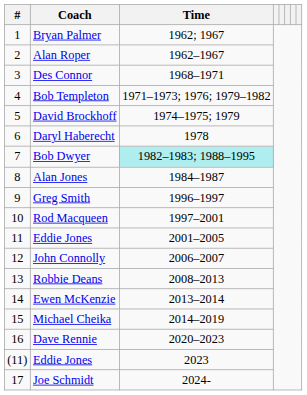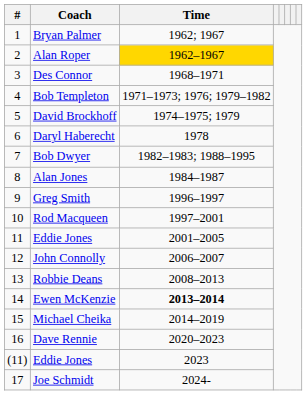 <table class="wikitable sortable" style="font-size:95%;">
 <tr>
 <th>#</th>
 <th>Coach</th>
 <th>Time</th>
 <th></th>
 <th></th>
 <th></th>
 <th></th>
 <th></th>
 </tr>
 <tr>
 <td align=center>1</td>
 <td> <a href='#'>Bryan Palmer</a></td>
 <td align=center>1962; 1967<br></td>
 </tr>
 <tr>
 <td align=center>2</td>
 <td> <a href='#'>Alan Roper</a></td>
-<td align=center>1962–1967<br></td>
+<td align=center style="background: gold;">1962–1967<br></td>
 </tr>
 <tr>
 <td align=center>3</td>
 <td> <a href='#'>Des Connor</a></td>
 <td align=center>1968–1971<br></td>
 </tr>
 <tr>
 <td align=center>4</td>
 <td> <a href='#'>Bob Templeton</a></td>
 <td align=center>1971–1973; 1976; 1979–1982<br></td>
 </tr>
 <tr>
 <td align=center>5</td>
 <td> <a href='#'>David Brockhoff</a></td>
 <td align=center>1974–1975; 1979<br></td>
 </tr>
 <tr>
 <td align=center>6</td>
 <td> <a href='#'>Daryl Haberecht</a></td>
 <td align=center>1978<br></td>
 </tr>
 <tr>
 <td align=center>7</td>
 <td> <a href='#'>Bob Dwyer</a></td>
-<td align=center style="background: paleturquoise;">1982–1983; 1988–1995<br></td>
+<td align=center>1982–1983; 1988–1995<br></td>
 </tr>
 <tr>
 <td align=center>8</td>
 <td> <a href='#'>Alan Jones</a></td>
 <td align=center>1984–1987<br></td>
 </tr>
 <tr>
 <td align=center>9</td>
 <td> <a href='#'>Greg Smith</a></td>
 <td align=center>1996–1997<br></td>
 </tr>
 <tr>
 <td align=center>10</td>
 <td> <a href='#'>Rod Macqueen</a></td>
 <td align=center>1997–2001<br></td>
 </tr>
 <tr>
 <td align=center>11</td>
 <td> <a href='#'>Eddie Jones</a></td>
 <td align=center>2001–2005<br></td>
 </tr>
 <tr>
 <td align=center>12</td>
 <td> <a href='#'>John Connolly</a></td>
 <td align=center>2006–2007<br></td>
 </tr>
 <tr>
 <td align=center>13</td>
 <td> <a href='#'>Robbie Deans</a></td>
 <td align=center>2008–2013<br></td>
 </tr>
 <tr>
 <td align=center>14</td>
 <td> <a href='#'>Ewen McKenzie</a></td>
-<td align=center>2013–2014<br></td>
+<td align=center><strong>2013–2014<br></strong></td>
 </tr>
 <tr>
 <td align=center>15</td>
 <td> <a href='#'>Michael Cheika</a></td>
 <td align=center>2014–2019<br></td>
 </tr>
 <tr>
 <td align=center>16</td>
 <td> <a href='#'>Dave Rennie</a></td>
 <td align=center>2020–2023<br></td>
 </tr>
 <tr>
 <td align=center>(11)</td>
 <td> <a href='#'>Eddie Jones</a></td>
 <td align=center>2023<br></td>
 </tr>
 <tr>
 <td align=center>17</td>
 <td> <a href='#'>Joe Schmidt</a></td>
 <td align=center>2024-<br></td>
 </tr>
 </table>
